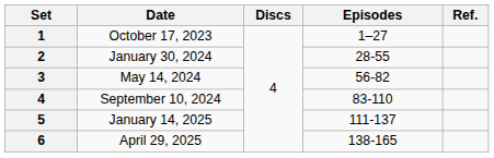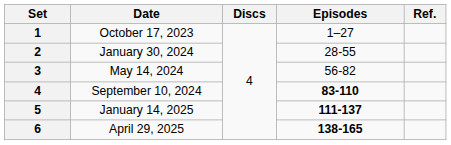 <table class="wikitable" style="text-align:center;">
 <tr>
 <th scope="col" style="width:5em;">Set</th>
 <th scope="col" style="width:12em;">Date</th>
 <th scope="col" style="width:4em;">Discs</th>
 <th scope="col" style="width:10em;">Episodes</th>
 <th scope="col" style="width:3em;">Ref.</th>
 </tr>
 <tr>
 <th scope="row">1</th>
 <td>October 17, 2023</td>
 <td rowspan="6">4</td>
 <td>1–27</td>
 <td></td>
 </tr>
 <tr>
 <th scope="row">2</th>
 <td>January 30, 2024</td>
 <td>28-55</td>
 <td></td>
 </tr>
 <tr>
 <th scope="row">3</th>
 <td>May 14, 2024</td>
 <td>56-82</td>
 <td></td>
 </tr>
 <tr>
 <th scope="row">4</th>
 <td>September 10, 2024</td>
-<td>83-110</td>
+<td><strong>83-110</strong></td>
 <td></td>
 </tr>
 <tr>
 <th scope="row">5</th>
 <td>January 14, 2025</td>
-<td>111-137</td>
+<td><strong>111-137</strong></td>
 <td></td>
 </tr>
 <tr>
 <th scope="row">6</th>
 <td>April 29, 2025</td>
-<td>138-165</td>
+<td><strong>138-165</strong></td>
 <td></td>
 </tr>
 </table>
